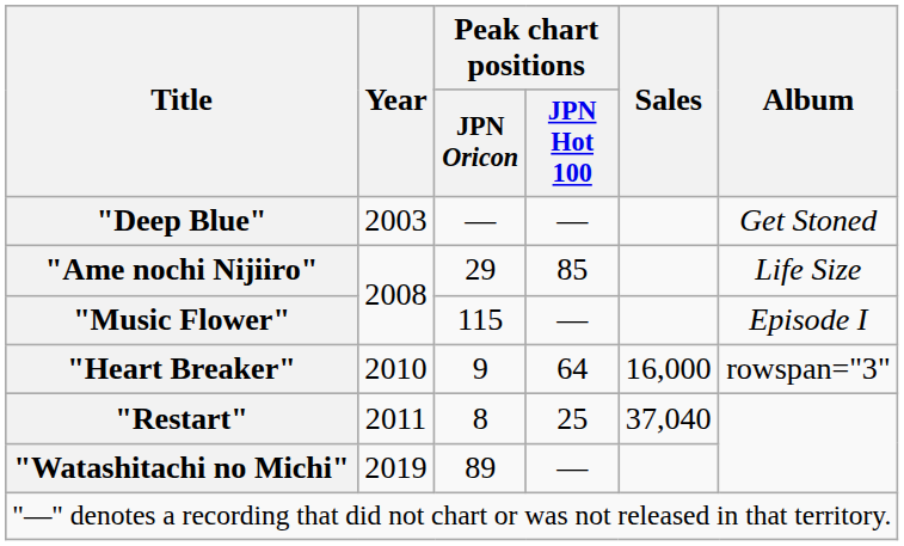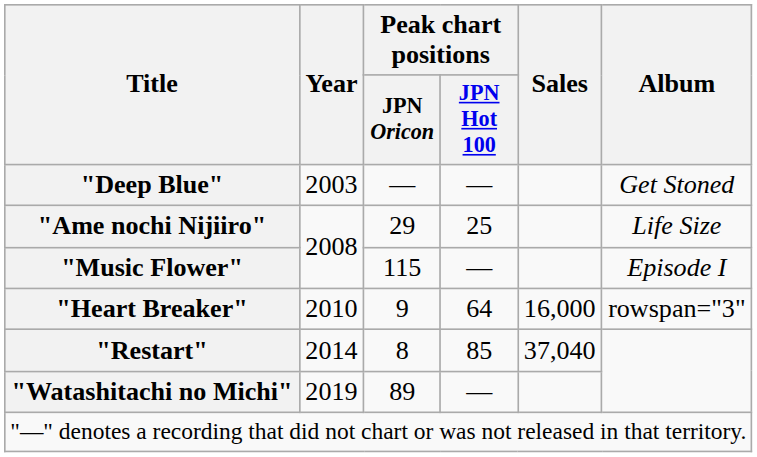 <table class="wikitable plainrowheaders" style="text-align:center;">
 <tr>
 <th scope="col" rowspan="2">Title</th>
 <th scope="col" rowspan="2">Year</th>
 <th scope="col" colspan="2">Peak chart positions</th>
 <th scope="col" rowspan="2">Sales</th>
 <th scope="col" rowspan="2">Album</th>
 </tr>
 <tr>
 <th style="width:3em;font-size:85%">JPN <em>Oricon</em><br></th>
 <th style="width:3em;font-size:85%"><a href='#'>JPN Hot 100</a><br></th>
 </tr>
 <tr>
 <th scope="row">"Deep Blue" <br> </th>
 <td>2003</td>
 <td>—</td>
 <td>—</td>
 <td></td>
 <td><em>Get Stoned</em></td>
 </tr>
 <tr>
 <th scope="row">"Ame nochi Nijiiro"  <br> </th>
 <td rowspan="2">2008</td>
 <td>29</td>
-<td>85</td>
+<td>25</td>
 <td></td>
 <td><em>Life Size</em></td>
 </tr>
 <tr>
 <th scope="row">"Music Flower" <br> </th>
 <td>115</td>
 <td>—</td>
 <td></td>
 <td><em>Episode I</em></td>
 </tr>
 <tr>
 <th scope="row">"Heart Breaker" <br> </th>
 <td>2010</td>
 <td>9</td>
 <td>64</td>
 <td>16,000</td>
 <td>rowspan="3" </td>
 </tr>
 <tr>
 <th scope="row">"Restart" <br> </th>
-<td>2011</td>
+<td>2014</td>
 <td>8</td>
-<td>25</td>
+<td>85</td>
 <td>37,040</td>
 </tr>
 <tr>
 <th scope="row">"Watashitachi no Michi" <br> </th>
 <td>2019</td>
 <td>89</td>
 <td>—</td>
 <td></td>
 </tr>
 <tr>
 <td colspan="7" style="font-size:90%">"—" denotes a recording that did not chart or was not released in that territory.</td>
 </tr>
 </table>
